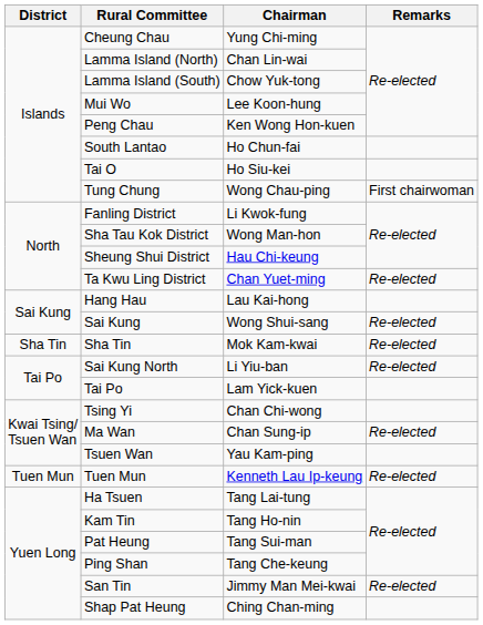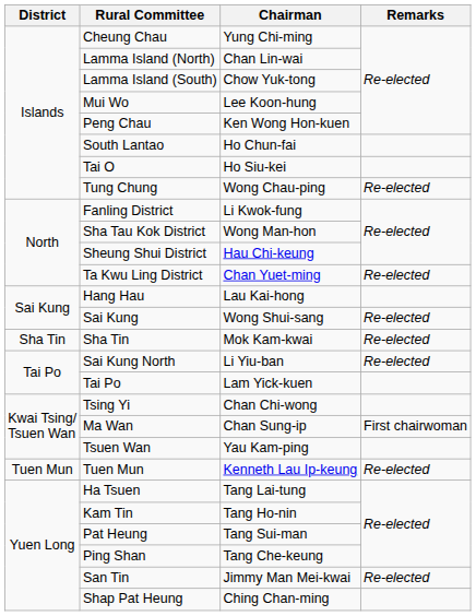 <table class="wikitable">
 <tr>
 <th>District</th>
 <th>Rural Committee</th>
 <th>Chairman</th>
 <th>Remarks</th>
 </tr>
 <tr>
 <td rowspan="8" align="center">Islands</td>
 <td>Cheung Chau</td>
 <td>Yung Chi-ming</td>
 <td rowspan="5"><em>Re-elected</em></td>
 </tr>
 <tr>
 <td>Lamma Island (North)</td>
 <td>Chan Lin-wai</td>
 </tr>
 <tr>
 <td>Lamma Island (South)</td>
 <td>Chow Yuk-tong</td>
 </tr>
 <tr>
 <td>Mui Wo</td>
 <td>Lee Koon-hung</td>
 </tr>
 <tr>
 <td>Peng Chau</td>
 <td>Ken Wong Hon-kuen</td>
 </tr>
 <tr>
 <td>South Lantao</td>
 <td>Ho Chun-fai</td>
 <td></td>
 </tr>
 <tr>
 <td>Tai O</td>
 <td>Ho Siu-kei</td>
 <td></td>
 </tr>
 <tr>
 <td>Tung Chung</td>
 <td>Wong Chau-ping</td>
-<td>First chairwoman</td>
+<td><em>Re-elected</em></td>
 </tr>
 <tr>
 <td rowspan="4" align="center">North</td>
 <td>Fanling District</td>
 <td>Li Kwok-fung</td>
 <td rowspan="3"><em>Re-elected</em></td>
 </tr>
 <tr>
 <td>Sha Tau Kok District</td>
 <td>Wong Man-hon</td>
 </tr>
 <tr>
 <td>Sheung Shui District</td>
 <td><a href='#'>Hau Chi-keung</a></td>
 </tr>
 <tr>
 <td>Ta Kwu Ling District</td>
 <td><a href='#'>Chan Yuet-ming</a></td>
 <td><em>Re-elected</em></td>
 </tr>
 <tr>
 <td rowspan="2" align="center">Sai Kung</td>
 <td>Hang Hau</td>
 <td>Lau Kai-hong</td>
 <td></td>
 </tr>
 <tr>
 <td>Sai Kung</td>
 <td>Wong Shui-sang</td>
 <td><em>Re-elected</em></td>
 </tr>
 <tr>
 <td rowspan="1" align="center">Sha Tin</td>
 <td>Sha Tin</td>
 <td>Mok Kam-kwai</td>
 <td><em>Re-elected</em></td>
 </tr>
 <tr>
 <td rowspan="2" align="center">Tai Po</td>
 <td>Sai Kung North</td>
 <td>Li Yiu-ban</td>
 <td><em>Re-elected</em></td>
 </tr>
 <tr>
 <td>Tai Po</td>
 <td>Lam Yick-kuen</td>
 <td></td>
 </tr>
 <tr>
 <td rowspan="3">Kwai Tsing/<br>Tsuen Wan</td>
 <td>Tsing Yi</td>
 <td>Chan Chi-wong</td>
 <td></td>
 </tr>
 <tr>
 <td>Ma Wan</td>
 <td>Chan Sung-ip</td>
-<td><em>Re-elected</em></td>
+<td>First chairwoman</td>
 </tr>
 <tr>
 <td>Tsuen Wan</td>
 <td>Yau Kam-ping</td>
 <td></td>
 </tr>
 <tr>
 <td rowspan="1" align="center">Tuen Mun</td>
 <td>Tuen Mun</td>
 <td><a href='#'>Kenneth Lau Ip-keung</a></td>
 <td><em>Re-elected</em></td>
 </tr>
 <tr>
 <td rowspan="6" align="center">Yuen Long</td>
 <td>Ha Tsuen</td>
 <td>Tang Lai-tung</td>
 <td rowspan="4"><em>Re-elected</em></td>
 </tr>
 <tr>
 <td>Kam Tin</td>
 <td>Tang Ho-nin</td>
 </tr>
 <tr>
 <td>Pat Heung</td>
 <td>Tang Sui-man</td>
 </tr>
 <tr>
 <td>Ping Shan</td>
 <td>Tang Che-keung</td>
 </tr>
 <tr>
 <td>San Tin</td>
 <td>Jimmy Man Mei-kwai</td>
 <td><em>Re-elected</em></td>
 </tr>
 <tr>
 <td>Shap Pat Heung</td>
 <td>Ching Chan-ming</td>
 <td></td>
 </tr>
 </table>
